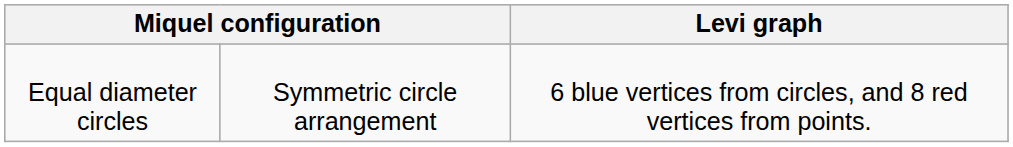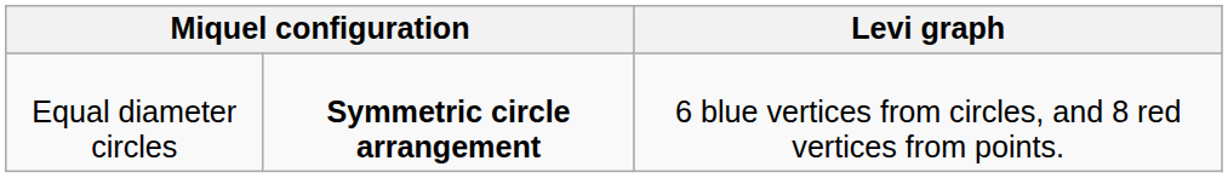 <table class=wikitable width=640>
 <tr>
 <th colspan=2>Miquel configuration</th>
 <th>Levi graph</th>
 </tr>
 <tr align=center>
 <td><br>Equal diameter circles</td>
-<td><br>Symmetric circle arrangement</td>
+<td><strong><br>Symmetric circle arrangement</strong></td>
 <td><br>6 blue vertices from circles, and 8 red vertices from points.</td>
 </tr>
 </table>
